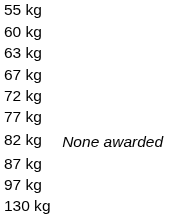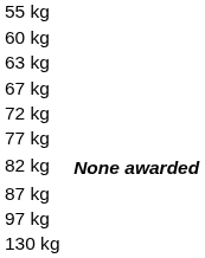 <table>
 <tr>
 <td rowspan=2>55 kg<br></td>
 <td rowspan=2></td>
 <td rowspan=2></td>
 <td></td>
 </tr>
 <tr>
 <td></td>
 </tr>
 <tr>
 <td rowspan=2>60 kg<br></td>
 <td rowspan=2></td>
 <td rowspan=2></td>
 <td></td>
 </tr>
 <tr>
 <td></td>
 </tr>
 <tr>
 <td rowspan=2>63 kg<br></td>
 <td rowspan=2></td>
 <td rowspan=2></td>
 <td></td>
 </tr>
 <tr>
 <td></td>
 </tr>
 <tr>
 <td rowspan=2>67 kg<br></td>
 <td rowspan=2></td>
 <td rowspan=2></td>
 <td></td>
 </tr>
 <tr>
 <td></td>
 </tr>
 <tr>
 <td rowspan=2>72 kg<br></td>
 <td rowspan=2></td>
 <td rowspan=2></td>
 <td></td>
 </tr>
 <tr>
 <td></td>
 </tr>
 <tr>
 <td rowspan=2>77 kg<br></td>
 <td rowspan=2></td>
 <td rowspan=2></td>
 <td></td>
 </tr>
 <tr>
 <td></td>
 </tr>
 <tr>
 <td rowspan=2>82 kg<br></td>
 <td rowspan=2></td>
 <td rowspan=2></td>
 <td></td>
 </tr>
 <tr>
-<td><em>None awarded</em></td>
+<td><strong><em>None awarded</em></strong></td>
 </tr>
 <tr>
 <td rowspan=2>87 kg<br></td>
 <td rowspan=2></td>
 <td rowspan=2></td>
 <td></td>
 </tr>
 <tr>
 <td></td>
 </tr>
 <tr>
 <td rowspan=2>97 kg<br></td>
 <td rowspan=2></td>
 <td rowspan=2></td>
 <td></td>
 </tr>
 <tr>
 <td></td>
 </tr>
 <tr>
 <td rowspan=2>130 kg<br></td>
 <td rowspan=2></td>
 <td rowspan=2></td>
 <td></td>
 </tr>
 <tr>
 <td></td>
 </tr>
 </table>
